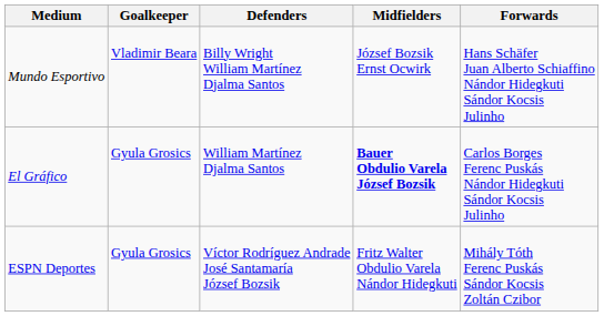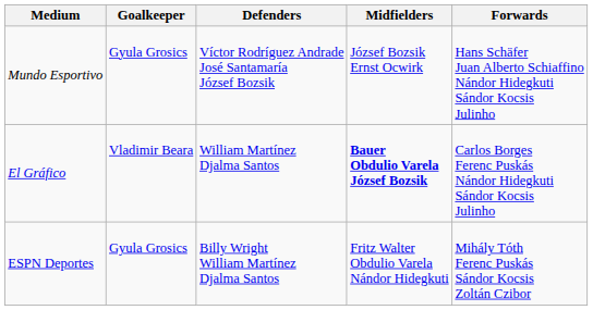 <table class="wikitable">
 <tr>
 <th>Medium</th>
 <th>Goalkeeper</th>
 <th>Defenders</th>
 <th>Midfielders</th>
 <th>Forwards</th>
 </tr>
 <tr>
 <td><em>Mundo Esportivo</em></td>
-<td valign="top"><br> <a href='#'>Vladimir Beara</a></td>
-<td valign="top"><br> <a href='#'>Billy Wright</a><br>  <a href='#'>William Martínez</a><br>  <a href='#'>Djalma Santos</a></td>
+<td valign="top"><br> <a href='#'>Gyula Grosics</a></td>
+<td valign="top"><br> <a href='#'>Víctor Rodríguez Andrade</a><br>  <a href='#'>José Santamaría</a><br>  <a href='#'>József Bozsik</a></td>
 <td valign="top"><br> <a href='#'>József Bozsik</a><br>  <a href='#'>Ernst Ocwirk</a></td>
 <td valign="top"><br> <a href='#'>Hans Schäfer</a><br>  <a href='#'>Juan Alberto Schiaffino</a><br>  <a href='#'>Nándor Hidegkuti</a><br>  <a href='#'>Sándor Kocsis</a><br>  <a href='#'>Julinho</a></td>
 </tr>
 <tr>
 <td><a href='#'><em>El Gráfico</em></a></td>
-<td valign="top"><br> <a href='#'>Gyula Grosics</a></td>
+<td valign="top"><br> <a href='#'>Vladimir Beara</a></td>
 <td valign="top"><br> <a href='#'>William Martínez</a><br>  <a href='#'>Djalma Santos</a></td>
 <td valign="top"><strong><br> <a href='#'>Bauer</a><br>  <a href='#'>Obdulio Varela</a><br>  <a href='#'>József Bozsik</a></strong></td>
 <td valign="top"><br> <a href='#'>Carlos Borges</a><br>  <a href='#'>Ferenc Puskás</a><br>  <a href='#'>Nándor Hidegkuti</a><br>  <a href='#'>Sándor Kocsis</a><br>  <a href='#'>Julinho</a></td>
 </tr>
 <tr>
 <td><a href='#'>ESPN Deportes</a></td>
 <td valign="top"><br> <a href='#'>Gyula Grosics</a></td>
-<td valign="top"><br> <a href='#'>Víctor Rodríguez Andrade</a><br>  <a href='#'>José Santamaría</a><br>  <a href='#'>József Bozsik</a></td>
+<td valign="top"><br> <a href='#'>Billy Wright</a><br>  <a href='#'>William Martínez</a><br>  <a href='#'>Djalma Santos</a></td>
 <td valign="top"><br> <a href='#'>Fritz Walter</a><br>  <a href='#'>Obdulio Varela</a><br>  <a href='#'>Nándor Hidegkuti</a></td>
 <td valign="top"><br> <a href='#'>Mihály Tóth</a><br>  <a href='#'>Ferenc Puskás</a><br>  <a href='#'>Sándor Kocsis</a><br>  <a href='#'>Zoltán Czibor</a></td>
 </tr>
 </table>
